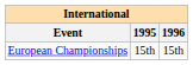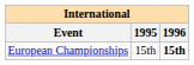 <table class="wikitable" style="text-align:center">
 <tr>
 <th style="background-color: #ffdead; " colspan=3 align=center>International</th>
 </tr>
 <tr>
 <th>Event</th>
 <th>1995</th>
 <th>1996</th>
 </tr>
 <tr>
 <td align=left><a href='#'>European Championships</a></td>
 <td>15th</td>
-<td>15th</td>
+<td><strong>15th</strong></td>
 </tr>
 </table>
